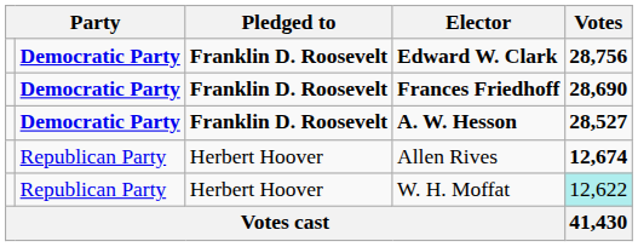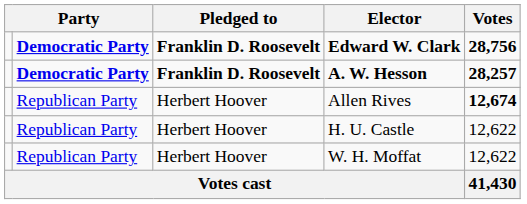 <table class="wikitable">
 <tr>
 <th colspan=2>Party</th>
 <th>Pledged to</th>
 <th>Elector</th>
 <th>Votes</th>
 </tr>
 <tr style="font-weight:bold">
 <td></td>
 <td><a href='#'>Democratic Party</a></td>
 <td>Franklin D. Roosevelt</td>
 <td>Edward W. Clark</td>
 <td align="right">28,756</td>
 </tr>
 <tr style="font-weight:bold">
 <td></td>
 <td><a href='#'>Democratic Party</a></td>
 <td>Franklin D. Roosevelt</td>
-<td>Frances Friedhoff</td>
-<td align="right">28,690</td>
-</tr>
-<tr style="font-weight:bold">
-<td></td>
-<td><a href='#'>Democratic Party</a></td>
-<td>Franklin D. Roosevelt</td>
 <td>A. W. Hesson</td>
-<td align="right">28,527</td>
+<td align="right">28,257</td>
 </tr>
 <tr>
 <td></td>
 <td><a href='#'>Republican Party</a></td>
 <td>Herbert Hoover</td>
 <td>Allen Rives</td>
 <td align="right"><strong>12,674</strong></td>
 </tr>
 <tr>
 <td></td>
 <td><a href='#'>Republican Party</a></td>
 <td>Herbert Hoover</td>
+<td>H. U. Castle</td>
+<td align="right">12,622</td>
+</tr>
+<tr>
+<td></td>
+<td><a href='#'>Republican Party</a></td>
+<td>Herbert Hoover</td>
 <td>W. H. Moffat</td>
-<td align="right" style="background: paleturquoise;">12,622</td>
+<td align="right">12,622</td>
 </tr>
 <tr>
 <th colspan="4">Votes cast</th>
 <th>41,430</th>
 </tr>
 </table>
